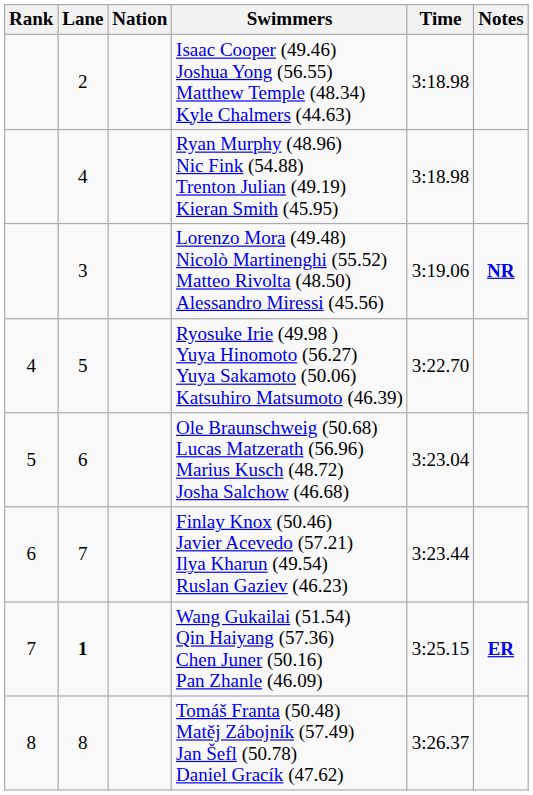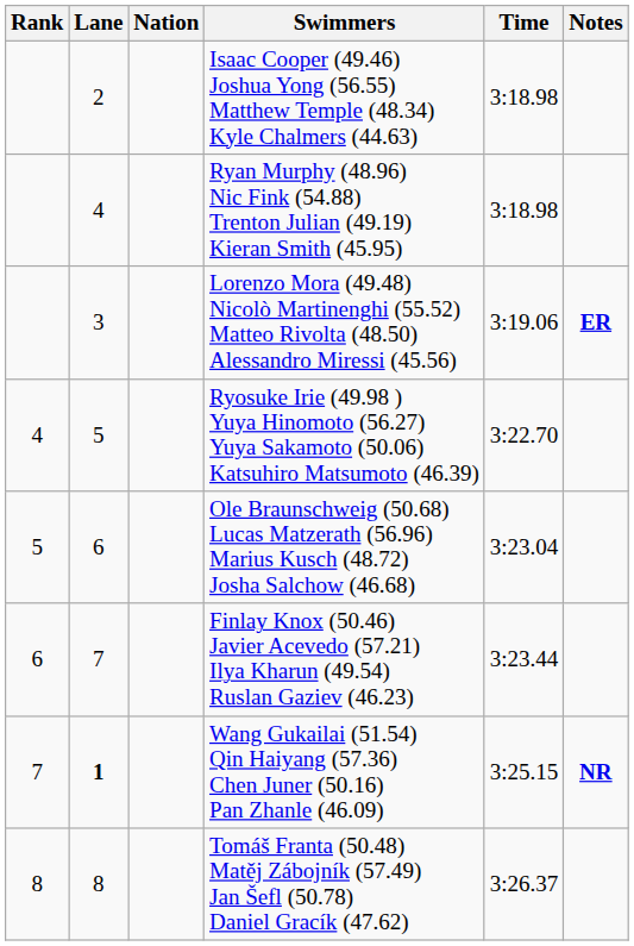 <table class="wikitable sortable" style="text-align:center">
 <tr>
 <th>Rank</th>
 <th>Lane</th>
 <th>Nation</th>
 <th>Swimmers</th>
 <th>Time</th>
 <th>Notes</th>
 </tr>
 <tr>
 <td></td>
 <td>2</td>
 <td align=left></td>
 <td align=left><a href='#'>Isaac Cooper</a> (49.46)<br><a href='#'>Joshua Yong</a> (56.55)<br><a href='#'>Matthew Temple</a> (48.34)<br><a href='#'>Kyle Chalmers</a> (44.63)</td>
 <td>3:18.98</td>
 <td></td>
 </tr>
 <tr>
 <td></td>
 <td>4</td>
 <td align=left></td>
 <td align=left><a href='#'>Ryan Murphy</a> (48.96)<br><a href='#'>Nic Fink</a> (54.88)<br><a href='#'>Trenton Julian</a> (49.19)<br><a href='#'>Kieran Smith</a> (45.95)</td>
 <td>3:18.98</td>
 <td></td>
 </tr>
 <tr>
 <td></td>
 <td>3</td>
 <td align=left></td>
 <td align=left><a href='#'>Lorenzo Mora</a> (49.48)<br><a href='#'>Nicolò Martinenghi</a> (55.52)<br><a href='#'>Matteo Rivolta</a> (48.50)<br><a href='#'>Alessandro Miressi</a> (45.56)</td>
 <td>3:19.06</td>
-<td><strong><a href='#'>NR</a></strong></td>
+<td><strong><a href='#'>ER</a></strong></td>
 </tr>
 <tr>
 <td>4</td>
 <td>5</td>
 <td align=left></td>
 <td align=left><a href='#'>Ryosuke Irie</a> (49.98 )<br><a href='#'>Yuya Hinomoto</a> (56.27)<br><a href='#'>Yuya Sakamoto</a> (50.06)<br><a href='#'>Katsuhiro Matsumoto</a> (46.39)</td>
 <td>3:22.70</td>
 <td></td>
 </tr>
 <tr>
 <td>5</td>
 <td>6</td>
 <td align=left></td>
 <td align=left><a href='#'>Ole Braunschweig</a> (50.68)<br><a href='#'>Lucas Matzerath</a> (56.96)<br><a href='#'>Marius Kusch</a> (48.72)<br><a href='#'>Josha Salchow</a> (46.68)</td>
 <td>3:23.04</td>
 <td></td>
 </tr>
 <tr>
 <td>6</td>
 <td>7</td>
 <td align=left></td>
 <td align=left><a href='#'>Finlay Knox</a> (50.46)<br><a href='#'>Javier Acevedo</a> (57.21)<br><a href='#'>Ilya Kharun</a> (49.54)<br><a href='#'>Ruslan Gaziev</a> (46.23)</td>
 <td>3:23.44</td>
 <td></td>
 </tr>
 <tr>
 <td>7</td>
 <td><strong>1</strong></td>
 <td align=left></td>
 <td align=left><a href='#'>Wang Gukailai</a> (51.54)<br><a href='#'>Qin Haiyang</a> (57.36)<br><a href='#'>Chen Juner</a> (50.16)<br><a href='#'>Pan Zhanle</a> (46.09)</td>
 <td>3:25.15</td>
-<td><strong><a href='#'>ER</a></strong></td>
+<td><strong><a href='#'>NR</a></strong></td>
 </tr>
 <tr>
 <td>8</td>
 <td>8</td>
 <td align=left></td>
 <td align=left><a href='#'>Tomáš Franta</a> (50.48)<br><a href='#'>Matěj Zábojník</a> (57.49)<br><a href='#'>Jan Šefl</a> (50.78)<br><a href='#'>Daniel Gracík</a> (47.62)</td>
 <td>3:26.37</td>
 <td></td>
 </tr>
 </table>
